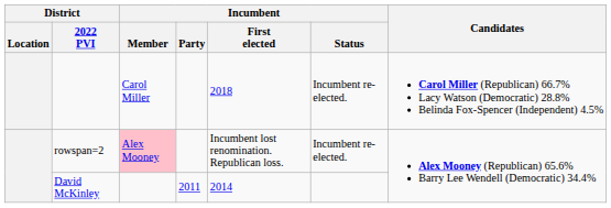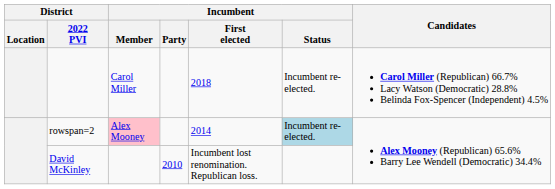 <table class="wikitable sortable">
 <tr>
 <th colspan=2>District</th>
 <th colspan=4>Incumbent</th>
 <th rowspan=2 class="unsortable">Candidates</th>
 </tr>
 <tr valign=bottom>
 <th>Location</th>
 <th><a href='#'>2022<br>PVI</a></th>
 <th>Member</th>
 <th>Party</th>
 <th>First<br>elected</th>
 <th>Status</th>
 </tr>
 <tr>
 <th></th>
 <td></td>
 <td><a href='#'>Carol Miller</a><br></td>
 <td></td>
 <td><a href='#'>2018</a></td>
 <td>Incumbent re-elected.</td>
 <td nowrap><br><ul><li> <strong><a href='#'>Carol Miller</a></strong> (Republican) 66.7%</li><li>Lacy Watson (Democratic) 28.8%</li><li>Belinda Fox-Spencer (Independent) 4.5%</li></ul></td>
 </tr>
 <tr>
 <th rowspan=2></th>
 <td>rowspan=2 </td>
 <td style="background: pink;"><a href='#'>Alex Mooney</a></td>
 <td></td>
-<td>Incumbent lost renomination.<br>Republican loss.</td>
-<td>Incumbent re-elected.</td>
+<td><a href='#'>2014</a></td>
+<td style="background: lightblue;">Incumbent re-elected.</td>
 <td rowspan=2 nowrap><br><ul><li> <strong><a href='#'>Alex Mooney</a></strong> (Republican) 65.6%</li><li>Barry Lee Wendell (Democratic) 34.4%</li></ul></td>
 </tr>
 <tr>
 <td><a href='#'>David McKinley</a><br></td>
 <td></td>
-<td><a href='#'>2011</a></td>
-<td><a href='#'>2014</a></td>
+<td><a href='#'>2010</a></td>
+<td>Incumbent lost renomination.<br>Republican loss.</td>
 </tr>
 </table>
